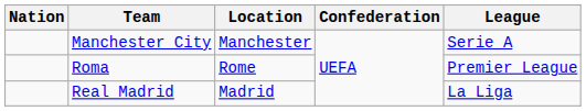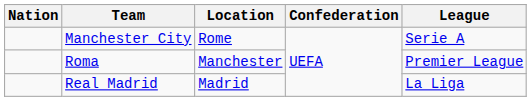 <table class="wikitable sortable">
 <tr>
 <th>Nation</th>
 <th>Team</th>
 <th>Location</th>
 <th>Confederation</th>
 <th>League</th>
 </tr>
 <tr>
 <td></td>
 <td><a href='#'>Manchester City</a></td>
-<td><a href='#'>Manchester</a></td>
+<td><a href='#'>Rome</a></td>
 <td rowspan="3"><a href='#'>UEFA</a></td>
 <td><a href='#'>Serie A</a></td>
 </tr>
 <tr>
 <td></td>
 <td><a href='#'>Roma</a></td>
-<td><a href='#'>Rome</a></td>
+<td><a href='#'>Manchester</a></td>
 <td><a href='#'>Premier League</a></td>
 </tr>
 <tr>
 <td></td>
 <td><a href='#'>Real Madrid</a></td>
 <td><a href='#'>Madrid</a></td>
 <td><a href='#'>La Liga</a></td>
 </tr>
 </table>
